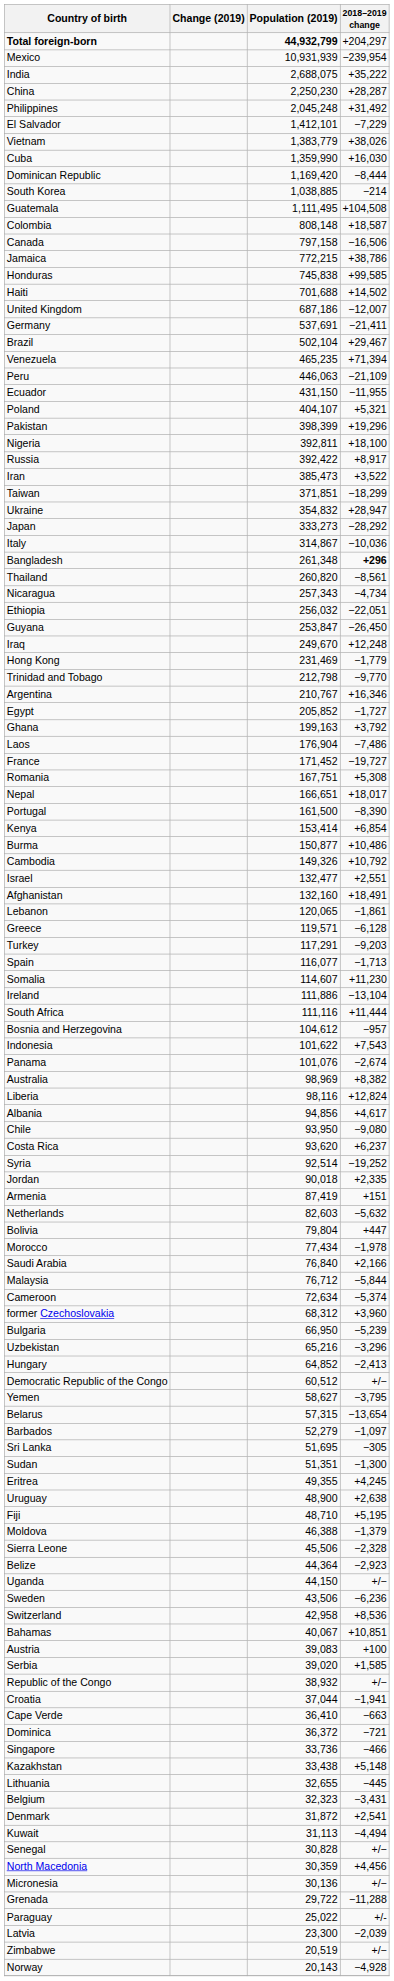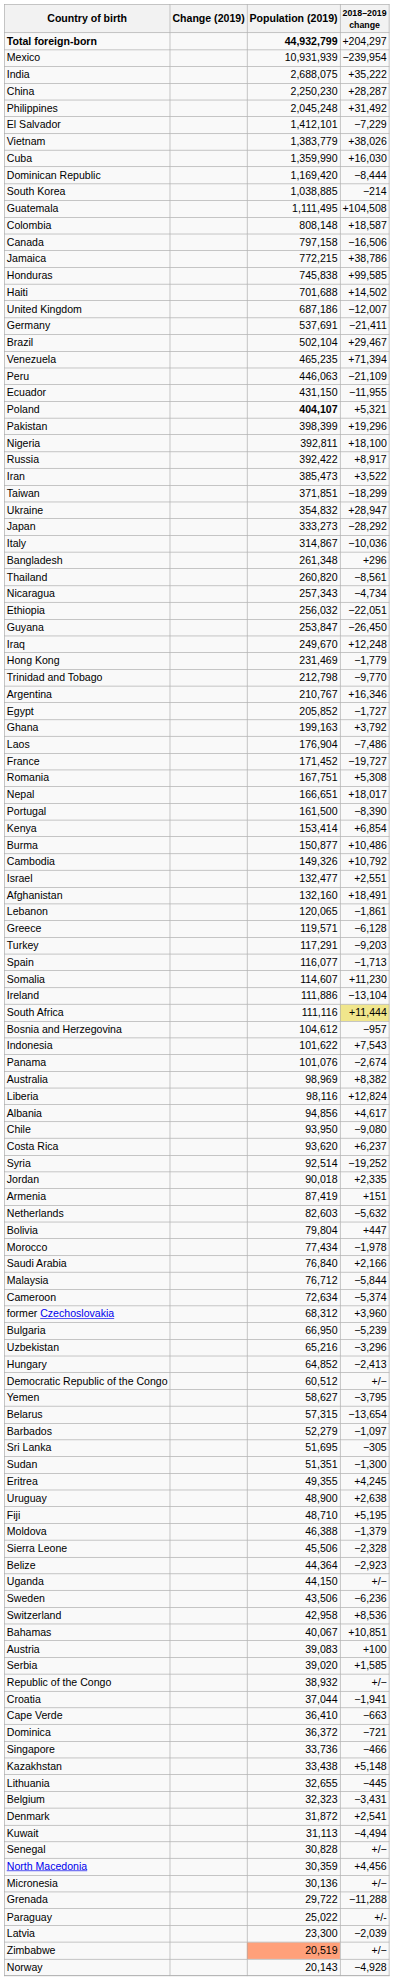 <table class="wikitable sortable" style="text-align:right">
 <tr>
 <th style="text-align:center">Country of birth</th>
 <th style="text-align:center">Change (2019)</th>
 <th style="text-align:center">Population (2019)</th>
 <th style="text-align:center"><small>2018–2019<br>change</small></th>
 </tr>
 <tr>
 <td style="text-align:left"><strong>Total foreign-born</strong></td>
 <td></td>
 <td><strong>44,932,799</strong></td>
 <td>+204,297</td>
 </tr>
 <tr>
 <td style="text-align:left">Mexico</td>
 <td></td>
 <td>10,931,939</td>
 <td>−239,954</td>
 </tr>
 <tr>
 <td style="text-align:left">India</td>
 <td></td>
 <td>2,688,075</td>
 <td>+35,222</td>
 </tr>
 <tr>
 <td style="text-align:left">China</td>
 <td></td>
 <td>2,250,230</td>
 <td>+28,287</td>
 </tr>
 <tr>
 <td style="text-align:left">Philippines</td>
 <td></td>
 <td>2,045,248</td>
 <td>+31,492</td>
 </tr>
 <tr>
 <td style="text-align:left">El Salvador</td>
 <td></td>
 <td>1,412,101</td>
 <td>−7,229</td>
 </tr>
 <tr>
 <td style="text-align:left">Vietnam</td>
 <td></td>
 <td>1,383,779</td>
 <td>+38,026</td>
 </tr>
 <tr>
 <td style="text-align:left">Cuba</td>
 <td></td>
 <td>1,359,990</td>
 <td>+16,030</td>
 </tr>
 <tr>
 <td style="text-align:left">Dominican Republic</td>
 <td></td>
 <td>1,169,420</td>
 <td>−8,444</td>
 </tr>
 <tr>
 <td style="text-align:left">South Korea</td>
 <td></td>
 <td>1,038,885</td>
 <td>−214</td>
 </tr>
 <tr>
 <td style="text-align:left">Guatemala</td>
 <td></td>
 <td>1,111,495</td>
 <td>+104,508</td>
 </tr>
 <tr>
 <td style="text-align:left">Colombia</td>
 <td></td>
 <td>808,148</td>
 <td>+18,587</td>
 </tr>
 <tr>
 <td style="text-align:left">Canada</td>
 <td></td>
 <td>797,158</td>
 <td>−16,506</td>
 </tr>
 <tr>
 <td style="text-align:left">Jamaica</td>
 <td></td>
 <td>772,215</td>
 <td>+38,786</td>
 </tr>
 <tr>
 <td style="text-align:left">Honduras</td>
 <td></td>
 <td>745,838</td>
 <td>+99,585</td>
 </tr>
 <tr>
 <td style="text-align:left">Haiti</td>
 <td></td>
 <td>701,688</td>
 <td>+14,502</td>
 </tr>
 <tr>
 <td style="text-align:left">United Kingdom</td>
 <td></td>
 <td>687,186</td>
 <td>−12,007</td>
 </tr>
 <tr>
 <td style="text-align:left">Germany</td>
 <td></td>
 <td>537,691</td>
 <td>−21,411</td>
 </tr>
 <tr>
 <td style="text-align:left">Brazil</td>
 <td></td>
 <td>502,104</td>
 <td>+29,467</td>
 </tr>
 <tr>
 <td style="text-align:left">Venezuela</td>
 <td></td>
 <td>465,235</td>
 <td>+71,394</td>
 </tr>
 <tr>
 <td style="text-align:left">Peru</td>
 <td></td>
 <td>446,063</td>
 <td>−21,109</td>
 </tr>
 <tr>
 <td style="text-align:left">Ecuador</td>
 <td></td>
 <td>431,150</td>
 <td>−11,955</td>
 </tr>
 <tr>
 <td style="text-align:left">Poland</td>
 <td></td>
-<td>404,107</td>
+<td><strong>404,107</strong></td>
 <td>+5,321</td>
 </tr>
 <tr>
 <td style="text-align:left">Pakistan</td>
 <td></td>
 <td>398,399</td>
 <td>+19,296</td>
 </tr>
 <tr>
 <td style="text-align:left">Nigeria</td>
 <td></td>
 <td>392,811</td>
 <td>+18,100</td>
 </tr>
 <tr>
 <td style="text-align:left">Russia</td>
 <td></td>
 <td>392,422</td>
 <td>+8,917</td>
 </tr>
 <tr>
 <td style="text-align:left">Iran</td>
 <td></td>
 <td>385,473</td>
 <td>+3,522</td>
 </tr>
 <tr>
 <td style="text-align:left">Taiwan</td>
 <td></td>
 <td>371,851</td>
 <td>−18,299</td>
 </tr>
 <tr>
 <td style="text-align:left">Ukraine</td>
 <td></td>
 <td>354,832</td>
 <td>+28,947</td>
 </tr>
 <tr>
 <td style="text-align:left">Japan</td>
 <td></td>
 <td>333,273</td>
 <td>−28,292</td>
 </tr>
 <tr>
 <td style="text-align:left">Italy</td>
 <td></td>
 <td>314,867</td>
 <td>−10,036</td>
 </tr>
 <tr>
 <td style="text-align:left">Bangladesh</td>
 <td></td>
 <td>261,348</td>
-<td><strong>+296</strong></td>
+<td>+296</td>
 </tr>
 <tr>
 <td style="text-align:left">Thailand</td>
 <td></td>
 <td>260,820</td>
 <td>−8,561</td>
 </tr>
 <tr>
 <td style="text-align:left">Nicaragua</td>
 <td></td>
 <td>257,343</td>
 <td>−4,734</td>
 </tr>
 <tr>
 <td style="text-align:left">Ethiopia</td>
 <td></td>
 <td>256,032</td>
 <td>−22,051</td>
 </tr>
 <tr>
 <td style="text-align:left">Guyana</td>
 <td></td>
 <td>253,847</td>
 <td>−26,450</td>
 </tr>
 <tr>
 <td style="text-align:left">Iraq</td>
 <td></td>
 <td>249,670</td>
 <td>+12,248</td>
 </tr>
 <tr>
 <td style="text-align:left">Hong Kong</td>
 <td></td>
 <td>231,469</td>
 <td>−1,779</td>
 </tr>
 <tr>
 <td style="text-align:left">Trinidad and Tobago</td>
 <td></td>
 <td>212,798</td>
 <td>−9,770</td>
 </tr>
 <tr>
 <td style="text-align:left">Argentina</td>
 <td></td>
 <td>210,767</td>
 <td>+16,346</td>
 </tr>
 <tr>
 <td style="text-align:left">Egypt</td>
 <td></td>
 <td>205,852</td>
 <td>−1,727</td>
 </tr>
 <tr>
 <td style="text-align:left">Ghana</td>
 <td></td>
 <td>199,163</td>
 <td>+3,792</td>
 </tr>
 <tr>
 <td style="text-align:left">Laos</td>
 <td></td>
 <td>176,904</td>
 <td>−7,486</td>
 </tr>
 <tr>
 <td style="text-align:left">France</td>
 <td></td>
 <td>171,452</td>
 <td>−19,727</td>
 </tr>
 <tr>
 <td style="text-align:left">Romania</td>
 <td></td>
 <td>167,751</td>
 <td>+5,308</td>
 </tr>
 <tr>
 <td style="text-align:left">Nepal</td>
 <td></td>
 <td>166,651</td>
 <td>+18,017</td>
 </tr>
 <tr>
 <td style="text-align:left">Portugal</td>
 <td></td>
 <td>161,500</td>
 <td>−8,390</td>
 </tr>
 <tr>
 <td style="text-align:left">Kenya</td>
 <td></td>
 <td>153,414</td>
 <td>+6,854</td>
 </tr>
 <tr>
 <td style="text-align:left">Burma</td>
 <td></td>
 <td>150,877</td>
 <td>+10,486</td>
 </tr>
 <tr>
 <td style="text-align:left">Cambodia</td>
 <td></td>
 <td>149,326</td>
 <td>+10,792</td>
 </tr>
 <tr>
 <td style="text-align:left">Israel</td>
 <td></td>
 <td>132,477</td>
 <td>+2,551</td>
 </tr>
 <tr>
 <td style="text-align:left">Afghanistan</td>
 <td></td>
 <td>132,160</td>
 <td>+18,491</td>
 </tr>
 <tr>
 <td style="text-align:left">Lebanon</td>
 <td></td>
 <td>120,065</td>
 <td>−1,861</td>
 </tr>
 <tr>
 <td style="text-align:left">Greece</td>
 <td></td>
 <td>119,571</td>
 <td>−6,128</td>
 </tr>
 <tr>
 <td style="text-align:left">Turkey</td>
 <td></td>
 <td>117,291</td>
 <td>−9,203</td>
 </tr>
 <tr>
 <td style="text-align:left">Spain</td>
 <td></td>
 <td>116,077</td>
 <td>−1,713</td>
 </tr>
 <tr>
 <td style="text-align:left">Somalia</td>
 <td></td>
 <td>114,607</td>
 <td>+11,230</td>
 </tr>
 <tr>
 <td style="text-align:left">Ireland</td>
 <td></td>
 <td>111,886</td>
 <td>−13,104</td>
 </tr>
 <tr>
 <td style="text-align:left">South Africa</td>
 <td></td>
 <td>111,116</td>
-<td>+11,444</td>
+<td style="background: khaki;">+11,444</td>
 </tr>
 <tr>
 <td style="text-align:left">Bosnia and Herzegovina</td>
 <td></td>
 <td>104,612</td>
 <td>−957</td>
 </tr>
 <tr>
 <td style="text-align:left">Indonesia</td>
 <td></td>
 <td>101,622</td>
 <td>+7,543</td>
 </tr>
 <tr>
 <td style="text-align:left">Panama</td>
 <td></td>
 <td>101,076</td>
 <td>−2,674</td>
 </tr>
 <tr>
 <td style="text-align:left">Australia</td>
 <td></td>
 <td>98,969</td>
 <td>+8,382</td>
 </tr>
 <tr>
 <td style="text-align:left">Liberia</td>
 <td></td>
 <td>98,116</td>
 <td>+12,824</td>
 </tr>
 <tr>
 <td style="text-align:left">Albania</td>
 <td></td>
 <td>94,856</td>
 <td>+4,617</td>
 </tr>
 <tr>
 <td style="text-align:left">Chile</td>
 <td></td>
 <td>93,950</td>
 <td>−9,080</td>
 </tr>
 <tr>
 <td style="text-align:left">Costa Rica</td>
 <td></td>
 <td>93,620</td>
 <td>+6,237</td>
 </tr>
 <tr>
 <td style="text-align:left">Syria</td>
 <td></td>
 <td>92,514</td>
 <td>−19,252</td>
 </tr>
 <tr>
 <td style="text-align:left">Jordan</td>
 <td></td>
 <td>90,018</td>
 <td>+2,335</td>
 </tr>
 <tr>
 <td style="text-align:left">Armenia</td>
 <td></td>
 <td>87,419</td>
 <td>+151</td>
 </tr>
 <tr>
 <td style="text-align:left">Netherlands</td>
 <td></td>
 <td>82,603</td>
 <td>−5,632</td>
 </tr>
 <tr>
 <td style="text-align:left">Bolivia</td>
 <td></td>
 <td>79,804</td>
 <td>+447</td>
 </tr>
 <tr>
 <td style="text-align:left">Morocco</td>
 <td></td>
 <td>77,434</td>
 <td>−1,978</td>
 </tr>
 <tr>
 <td style="text-align:left">Saudi Arabia</td>
 <td></td>
 <td>76,840</td>
 <td>+2,166</td>
 </tr>
 <tr>
 <td style="text-align:left">Malaysia</td>
 <td></td>
 <td>76,712</td>
 <td>−5,844</td>
 </tr>
 <tr>
 <td style="text-align:left">Cameroon</td>
 <td></td>
 <td>72,634</td>
 <td>−5,374</td>
 </tr>
 <tr>
 <td style="text-align:left">former <a href='#'>Czechoslovakia</a></td>
 <td></td>
 <td>68,312</td>
 <td>+3,960</td>
 </tr>
 <tr>
 <td style="text-align:left">Bulgaria</td>
 <td></td>
 <td>66,950</td>
 <td>−5,239</td>
 </tr>
 <tr>
 <td style="text-align:left">Uzbekistan</td>
 <td></td>
 <td>65,216</td>
 <td>−3,296</td>
 </tr>
 <tr>
 <td style="text-align:left">Hungary</td>
 <td></td>
 <td>64,852</td>
 <td>−2,413</td>
 </tr>
 <tr>
 <td style="text-align:left">Democratic Republic of the Congo</td>
 <td></td>
 <td>60,512</td>
 <td>+/−</td>
 </tr>
 <tr>
 <td style="text-align:left">Yemen</td>
 <td></td>
 <td>58,627</td>
 <td>−3,795</td>
 </tr>
 <tr>
 <td style="text-align:left">Belarus</td>
 <td></td>
 <td>57,315</td>
 <td>−13,654</td>
 </tr>
 <tr>
 <td style="text-align:left">Barbados</td>
 <td></td>
 <td>52,279</td>
 <td>−1,097</td>
 </tr>
 <tr>
 <td style="text-align:left">Sri Lanka</td>
 <td></td>
 <td>51,695</td>
 <td>−305</td>
 </tr>
 <tr>
 <td style="text-align:left">Sudan</td>
 <td></td>
 <td>51,351</td>
 <td>−1,300</td>
 </tr>
 <tr>
 <td style="text-align:left">Eritrea</td>
 <td></td>
 <td>49,355</td>
 <td>+4,245</td>
 </tr>
 <tr>
 <td style="text-align:left">Uruguay</td>
 <td></td>
 <td>48,900</td>
 <td>+2,638</td>
 </tr>
 <tr>
 <td style="text-align:left">Fiji</td>
 <td></td>
 <td>48,710</td>
 <td>+5,195</td>
 </tr>
 <tr>
 <td style="text-align:left">Moldova</td>
 <td></td>
 <td>46,388</td>
 <td>−1,379</td>
 </tr>
 <tr>
 <td style="text-align:left">Sierra Leone</td>
 <td></td>
 <td>45,506</td>
 <td>−2,328</td>
 </tr>
 <tr>
 <td style="text-align:left">Belize</td>
 <td></td>
 <td>44,364</td>
 <td>−2,923</td>
 </tr>
 <tr>
 <td style="text-align:left">Uganda</td>
 <td></td>
 <td>44,150</td>
 <td>+/−</td>
 </tr>
 <tr>
 <td style="text-align:left">Sweden</td>
 <td></td>
 <td>43,506</td>
 <td>−6,236</td>
 </tr>
 <tr>
 <td style="text-align:left">Switzerland</td>
 <td></td>
 <td>42,958</td>
 <td>+8,536</td>
 </tr>
 <tr>
 <td style="text-align:left">Bahamas</td>
 <td></td>
 <td>40,067</td>
 <td>+10,851</td>
 </tr>
 <tr>
 <td style="text-align:left">Austria</td>
 <td></td>
 <td>39,083</td>
 <td>+100</td>
 </tr>
 <tr>
 <td style="text-align:left">Serbia</td>
 <td></td>
 <td>39,020</td>
 <td>+1,585</td>
 </tr>
 <tr>
 <td style="text-align:left">Republic of the Congo</td>
 <td></td>
 <td>38,932</td>
 <td>+/−</td>
 </tr>
 <tr>
 <td style="text-align:left">Croatia</td>
 <td></td>
 <td>37,044</td>
 <td>−1,941</td>
 </tr>
 <tr>
 <td style="text-align:left">Cape Verde</td>
 <td></td>
 <td>36,410</td>
 <td>−663</td>
 </tr>
 <tr>
 <td style="text-align:left">Dominica</td>
 <td></td>
 <td>36,372</td>
 <td>−721</td>
 </tr>
 <tr>
 <td style="text-align:left">Singapore</td>
 <td></td>
 <td>33,736</td>
 <td>−466</td>
 </tr>
 <tr>
 <td style="text-align:left">Kazakhstan</td>
 <td></td>
 <td>33,438</td>
 <td>+5,148</td>
 </tr>
 <tr>
 <td style="text-align:left">Lithuania</td>
 <td></td>
 <td>32,655</td>
 <td>−445</td>
 </tr>
 <tr>
 <td style="text-align:left">Belgium</td>
 <td></td>
 <td>32,323</td>
 <td>−3,431</td>
 </tr>
 <tr>
 <td style="text-align:left">Denmark</td>
 <td></td>
 <td>31,872</td>
 <td>+2,541</td>
 </tr>
 <tr>
 <td style="text-align:left">Kuwait</td>
 <td></td>
 <td>31,113</td>
 <td>−4,494</td>
 </tr>
 <tr>
 <td style="text-align:left">Senegal</td>
 <td></td>
 <td>30,828</td>
 <td>+/−</td>
 </tr>
 <tr>
 <td style="text-align:left"><a href='#'>North Macedonia</a></td>
 <td></td>
 <td>30,359</td>
 <td>+4,456</td>
 </tr>
 <tr>
 <td style="text-align:left">Micronesia</td>
 <td></td>
 <td>30,136</td>
 <td>+/−</td>
 </tr>
 <tr>
 <td style="text-align:left">Grenada</td>
 <td></td>
 <td>29,722</td>
 <td>−11,288</td>
 </tr>
 <tr>
 <td style="text-align:left">Paraguay</td>
 <td></td>
 <td>25,022</td>
 <td>+/-</td>
 </tr>
 <tr>
 <td style="text-align:left">Latvia</td>
 <td></td>
 <td>23,300</td>
 <td>−2,039</td>
 </tr>
 <tr>
 <td style="text-align:left">Zimbabwe</td>
 <td></td>
-<td>20,519</td>
+<td style="background: lightsalmon;">20,519</td>
 <td>+/−</td>
 </tr>
 <tr>
 <td style="text-align:left">Norway</td>
 <td></td>
 <td>20,143</td>
 <td>−4,928</td>
 </tr>
 <tr>
 </tr>
 </table>
